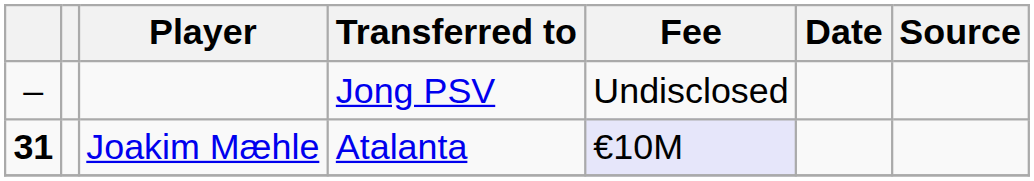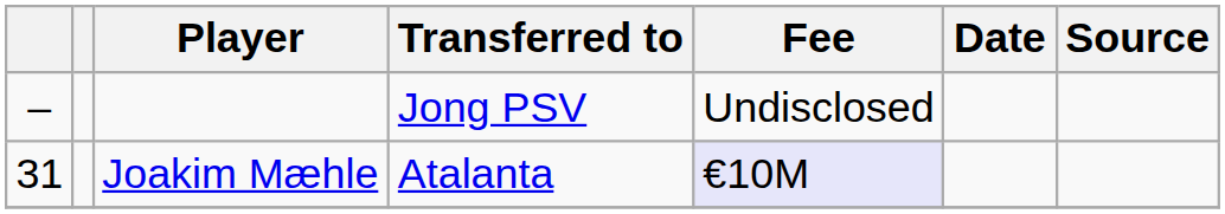 <table class="wikitable plainrowheaders sortable">
 <tr>
 <th></th>
 <th></th>
 <th scope=col>Player</th>
 <th>Transferred to</th>
 <th !scope=col; style="width: 65px;">Fee</th>
 <th scope=col>Date</th>
 <th scope=col>Source</th>
 </tr>
 <tr>
 <td align=center>–</td>
 <td align=center></td>
 <td></td>
 <td> <a href='#'>Jong PSV</a></td>
 <td>Undisclosed</td>
 <td></td>
 <td></td>
 </tr>
 <tr>
-<td align=center><strong>31</strong></td>
+<td align=center>31</td>
 <td align=center></td>
 <td> <a href='#'>Joakim Mæhle</a></td>
 <td> <a href='#'>Atalanta</a></td>
 <td style="background: lavender;">€10M</td>
 <td></td>
 <td></td>
 </tr>
 <tr>
 </tr>
 </table>
